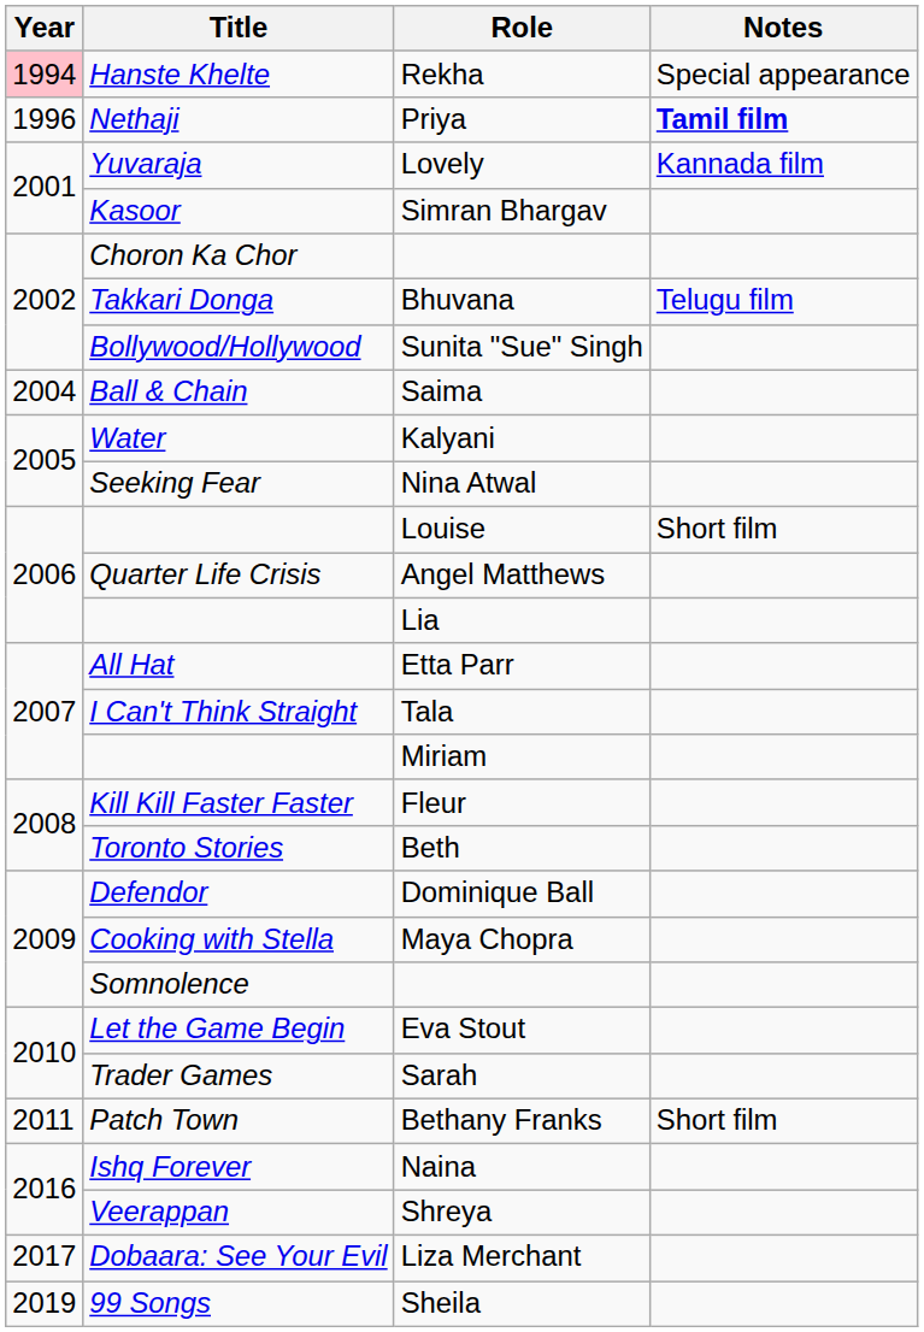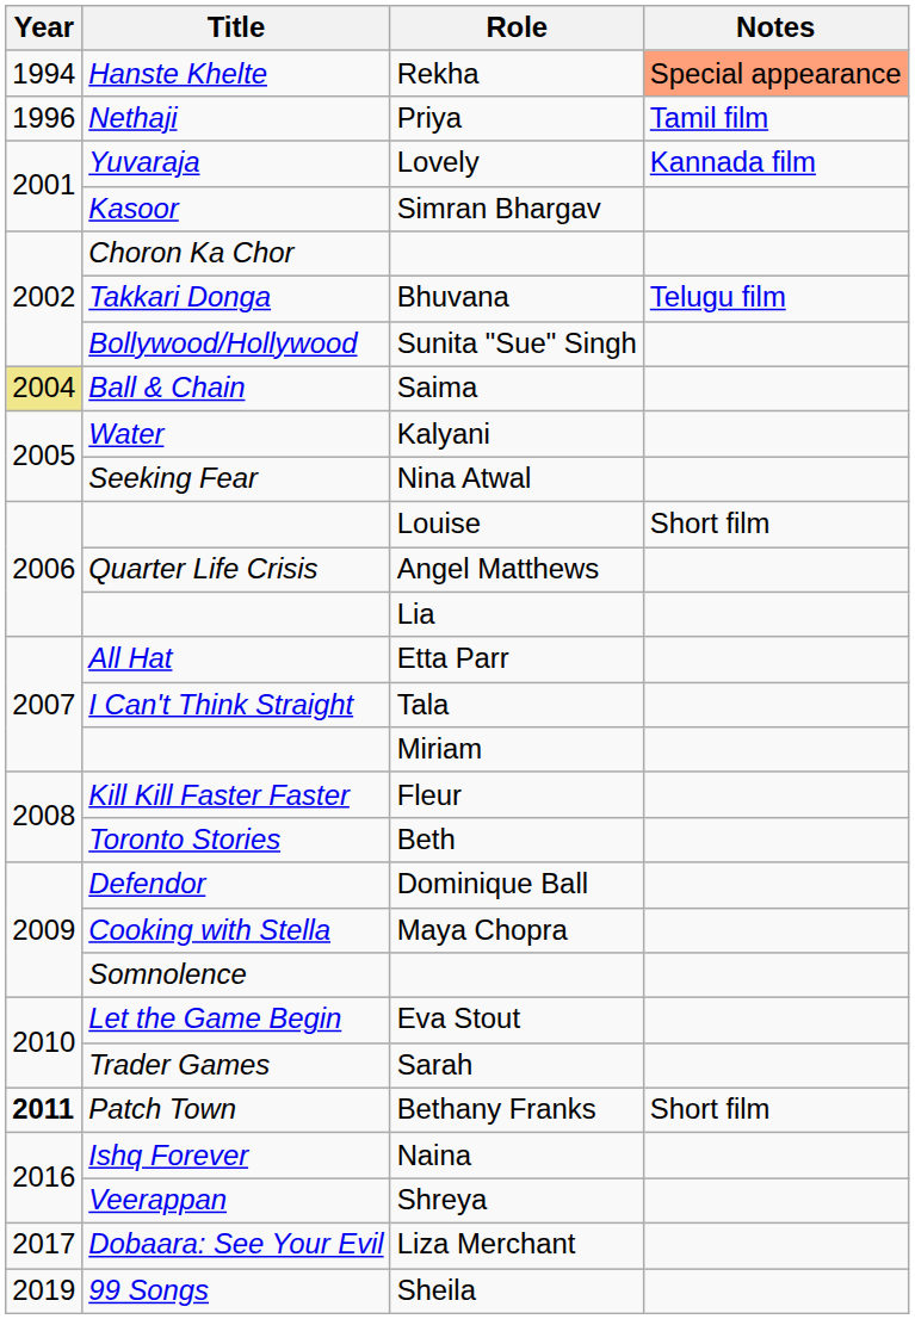 <table class="wikitable sortable">
 <tr>
 <th>Year</th>
 <th>Title</th>
 <th>Role</th>
 <th class="unsortable">Notes</th>
 </tr>
 <tr>
-<td style="background: pink;">1994</td>
+<td>1994</td>
 <td><em><a href='#'>Hanste Khelte</a></em></td>
 <td>Rekha</td>
-<td>Special appearance</td>
+<td style="background: lightsalmon;">Special appearance</td>
 </tr>
 <tr>
 <td>1996</td>
 <td><em><a href='#'>Nethaji</a></em></td>
 <td>Priya</td>
-<td><strong><a href='#'>Tamil film</a></strong></td>
+<td><a href='#'>Tamil film</a></td>
 </tr>
 <tr>
 <td rowspan="2">2001</td>
 <td><em><a href='#'>Yuvaraja</a></em></td>
 <td>Lovely</td>
 <td><a href='#'>Kannada film</a></td>
 </tr>
 <tr>
 <td><em><a href='#'>Kasoor</a></em></td>
 <td>Simran Bhargav</td>
 <td></td>
 </tr>
 <tr>
 <td rowspan="3">2002</td>
 <td><em>Choron Ka Chor</em></td>
 <td></td>
 <td></td>
 </tr>
 <tr>
 <td><em><a href='#'>Takkari Donga</a></em></td>
 <td>Bhuvana</td>
 <td><a href='#'>Telugu film</a></td>
 </tr>
 <tr>
 <td><em><a href='#'>Bollywood/Hollywood</a></em></td>
 <td>Sunita "Sue" Singh</td>
 <td></td>
 </tr>
 <tr>
-<td>2004</td>
+<td style="background: khaki;">2004</td>
 <td><em><a href='#'>Ball & Chain</a></em></td>
 <td>Saima</td>
 <td></td>
 </tr>
 <tr>
 <td rowspan="2">2005</td>
 <td><em><a href='#'>Water</a></em></td>
 <td>Kalyani</td>
 <td></td>
 </tr>
 <tr>
 <td><em>Seeking Fear</em></td>
 <td>Nina Atwal</td>
 <td></td>
 </tr>
 <tr>
 <td rowspan="3">2006</td>
 <td><em></em></td>
 <td>Louise</td>
 <td>Short film</td>
 </tr>
 <tr>
 <td><em>Quarter Life Crisis</em></td>
 <td>Angel Matthews</td>
 <td></td>
 </tr>
 <tr>
 <td><em></em></td>
 <td>Lia</td>
 <td></td>
 </tr>
 <tr>
 <td rowspan="3">2007</td>
 <td><em><a href='#'>All Hat</a></em></td>
 <td>Etta Parr</td>
 <td></td>
 </tr>
 <tr>
 <td><em><a href='#'>I Can't Think Straight</a></em></td>
 <td>Tala</td>
 <td></td>
 </tr>
 <tr>
 <td><em></em></td>
 <td>Miriam</td>
 <td></td>
 </tr>
 <tr>
 <td rowspan="2">2008</td>
 <td><em><a href='#'>Kill Kill Faster Faster</a></em></td>
 <td>Fleur</td>
 <td></td>
 </tr>
 <tr>
 <td><em><a href='#'>Toronto Stories</a></em></td>
 <td>Beth</td>
 <td></td>
 </tr>
 <tr>
 <td rowspan="3">2009</td>
 <td><em><a href='#'>Defendor</a></em></td>
 <td>Dominique Ball</td>
 <td></td>
 </tr>
 <tr>
 <td><em><a href='#'>Cooking with Stella</a></em></td>
 <td>Maya Chopra</td>
 <td></td>
 </tr>
 <tr>
 <td><em>Somnolence</em></td>
 <td></td>
 <td></td>
 </tr>
 <tr>
 <td rowspan="2">2010</td>
 <td><em><a href='#'>Let the Game Begin</a></em></td>
 <td>Eva Stout</td>
 <td></td>
 </tr>
 <tr>
 <td><em>Trader Games</em></td>
 <td>Sarah</td>
 <td></td>
 </tr>
 <tr>
-<td>2011</td>
+<td><strong>2011</strong></td>
 <td><em>Patch Town</em></td>
 <td>Bethany Franks</td>
 <td>Short film</td>
 </tr>
 <tr>
 <td rowspan="2">2016</td>
 <td><em><a href='#'>Ishq Forever</a></em></td>
 <td>Naina</td>
 <td></td>
 </tr>
 <tr>
 <td><em><a href='#'>Veerappan</a></em></td>
 <td>Shreya</td>
 <td></td>
 </tr>
 <tr>
 <td>2017</td>
 <td><em><a href='#'>Dobaara: See Your Evil</a></em></td>
 <td>Liza Merchant</td>
 <td></td>
 </tr>
 <tr>
 <td>2019</td>
 <td><em><a href='#'>99 Songs</a></em></td>
 <td>Sheila</td>
 <td></td>
 </tr>
 </table>
